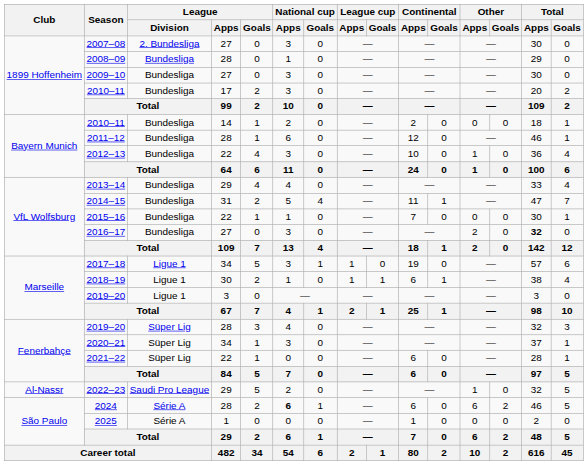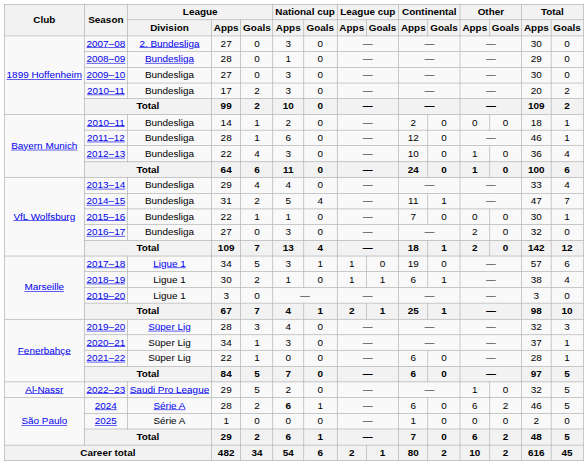 <table class="wikitable" style="text-align:center">
 <tr>
 <th rowspan="2">Club</th>
 <th rowspan="2">Season</th>
 <th colspan="3">League</th>
 <th colspan="2">National cup</th>
 <th colspan="2">League cup</th>
 <th colspan="2">Continental</th>
 <th colspan="2">Other</th>
 <th colspan="2">Total</th>
 </tr>
 <tr>
 <th>Division</th>
 <th>Apps</th>
 <th>Goals</th>
 <th>Apps</th>
 <th>Goals</th>
 <th>Apps</th>
 <th>Goals</th>
 <th>Apps</th>
 <th>Goals</th>
 <th>Apps</th>
 <th>Goals</th>
 <th>Apps</th>
 <th>Goals</th>
 </tr>
 <tr>
 <td rowspan="5"><a href='#'>1899 Hoffenheim</a></td>
 <td><a href='#'>2007–08</a></td>
 <td><a href='#'>2. Bundesliga</a></td>
 <td>27</td>
 <td>0</td>
 <td>3</td>
 <td>0</td>
 <td colspan="2">—</td>
 <td colspan="2">—</td>
 <td colspan="2">—</td>
 <td>30</td>
 <td>0</td>
 </tr>
 <tr>
 <td><a href='#'>2008–09</a></td>
 <td><a href='#'>Bundesliga</a></td>
 <td>28</td>
 <td>0</td>
 <td>1</td>
 <td>0</td>
 <td colspan="2">—</td>
 <td colspan="2">—</td>
 <td colspan="2">—</td>
 <td>29</td>
 <td>0</td>
 </tr>
 <tr>
 <td><a href='#'>2009–10</a></td>
 <td>Bundesliga</td>
 <td>27</td>
 <td>0</td>
 <td>3</td>
 <td>0</td>
 <td colspan="2">—</td>
 <td colspan="2">—</td>
 <td colspan="2">—</td>
 <td>30</td>
 <td>0</td>
 </tr>
 <tr>
 <td><a href='#'>2010–11</a></td>
 <td>Bundesliga</td>
 <td>17</td>
 <td>2</td>
 <td>3</td>
 <td>0</td>
 <td colspan="2">—</td>
 <td colspan="2">—</td>
 <td colspan="2">—</td>
 <td>20</td>
 <td>2</td>
 </tr>
 <tr>
 <th colspan="2">Total</th>
 <th>99</th>
 <th>2</th>
 <th>10</th>
 <th>0</th>
 <th colspan="2">—</th>
 <th colspan="2">—</th>
 <th colspan="2">—</th>
 <th>109</th>
 <th>2</th>
 </tr>
 <tr>
 <td rowspan="4"><a href='#'>Bayern Munich</a></td>
 <td><a href='#'>2010–11</a></td>
 <td>Bundesliga</td>
 <td>14</td>
 <td>1</td>
 <td>2</td>
 <td>0</td>
 <td colspan="2">—</td>
 <td>2</td>
 <td>0</td>
 <td>0</td>
 <td>0</td>
 <td>18</td>
 <td>1</td>
 </tr>
 <tr>
 <td><a href='#'>2011–12</a></td>
 <td>Bundesliga</td>
 <td>28</td>
 <td>1</td>
 <td>6</td>
 <td>0</td>
 <td colspan="2">—</td>
 <td>12</td>
 <td>0</td>
 <td colspan="2">—</td>
 <td>46</td>
 <td>1</td>
 </tr>
 <tr>
 <td><a href='#'>2012–13</a></td>
 <td>Bundesliga</td>
 <td>22</td>
 <td>4</td>
 <td>3</td>
 <td>0</td>
 <td colspan="2">—</td>
 <td>10</td>
 <td>0</td>
 <td>1</td>
 <td>0</td>
 <td>36</td>
 <td>4</td>
 </tr>
 <tr>
 <th colspan="2">Total</th>
 <th>64</th>
 <th>6</th>
 <th>11</th>
 <th>0</th>
 <th colspan="2">—</th>
 <th>24</th>
 <th>0</th>
 <th>1</th>
 <th>0</th>
 <th>100</th>
 <th>6</th>
 </tr>
 <tr>
 <td rowspan="5"><a href='#'>VfL Wolfsburg</a></td>
 <td><a href='#'>2013–14</a></td>
 <td>Bundesliga</td>
 <td>29</td>
 <td>4</td>
 <td>4</td>
 <td>0</td>
 <td colspan="2">—</td>
 <td colspan="2">—</td>
 <td colspan="2">—</td>
 <td>33</td>
 <td>4</td>
 </tr>
 <tr>
 <td><a href='#'>2014–15</a></td>
 <td>Bundesliga</td>
 <td>31</td>
 <td>2</td>
 <td>5</td>
 <td>4</td>
 <td colspan="2">—</td>
 <td>11</td>
 <td>1</td>
 <td colspan="2">—</td>
 <td>47</td>
 <td>7</td>
 </tr>
 <tr>
 <td><a href='#'>2015–16</a></td>
 <td>Bundesliga</td>
 <td>22</td>
 <td>1</td>
 <td>1</td>
 <td>0</td>
 <td colspan="2">—</td>
 <td>7</td>
 <td>0</td>
 <td>0</td>
 <td>0</td>
 <td>30</td>
 <td>1</td>
 </tr>
 <tr>
 <td><a href='#'>2016–17</a></td>
 <td>Bundesliga</td>
 <td>27</td>
 <td>0</td>
 <td>3</td>
 <td>0</td>
 <td colspan="2">—</td>
 <td colspan="2">—</td>
 <td>2</td>
 <td>0</td>
-<td><strong>32</strong></td>
+<td>32</td>
 <td>0</td>
 </tr>
 <tr>
 <th colspan="2">Total</th>
 <th>109</th>
 <th>7</th>
 <th>13</th>
 <th>4</th>
 <th colspan="2">—</th>
 <th>18</th>
 <th>1</th>
 <th>2</th>
 <th>0</th>
 <th>142</th>
 <th>12</th>
 </tr>
 <tr>
 <td rowspan="4"><a href='#'>Marseille</a></td>
 <td><a href='#'>2017–18</a></td>
 <td><a href='#'>Ligue 1</a></td>
 <td>34</td>
 <td>5</td>
 <td>3</td>
 <td>1</td>
 <td>1</td>
 <td>0</td>
 <td>19</td>
 <td>0</td>
 <td colspan="2">—</td>
 <td>57</td>
 <td>6</td>
 </tr>
 <tr>
 <td><a href='#'>2018–19</a></td>
 <td>Ligue 1</td>
 <td>30</td>
 <td>2</td>
 <td>1</td>
 <td>0</td>
 <td>1</td>
 <td>1</td>
 <td>6</td>
 <td>1</td>
 <td colspan="2">—</td>
 <td>38</td>
 <td>4</td>
 </tr>
 <tr>
 <td><a href='#'>2019–20</a></td>
 <td>Ligue 1</td>
 <td>3</td>
 <td>0</td>
 <td colspan="2">—</td>
 <td colspan="2">—</td>
 <td colspan="2">—</td>
 <td colspan="2">—</td>
 <td>3</td>
 <td>0</td>
 </tr>
 <tr>
 <th colspan="2">Total</th>
 <th>67</th>
 <th>7</th>
 <th>4</th>
 <th>1</th>
 <th>2</th>
 <th>1</th>
 <th>25</th>
 <th>1</th>
 <th colspan="2">—</th>
 <th>98</th>
 <th>10</th>
 </tr>
 <tr>
 <td rowspan="4"><a href='#'>Fenerbahçe</a></td>
 <td><a href='#'>2019–20</a></td>
 <td><a href='#'>Süper Lig</a></td>
 <td>28</td>
 <td>3</td>
 <td>4</td>
 <td>0</td>
 <td colspan="2">—</td>
 <td colspan="2">—</td>
 <td colspan="2">—</td>
 <td>32</td>
 <td>3</td>
 </tr>
 <tr>
 <td><a href='#'>2020–21</a></td>
 <td>Süper Lig</td>
 <td>34</td>
 <td>1</td>
 <td>3</td>
 <td>0</td>
 <td colspan="2">—</td>
 <td colspan="2">—</td>
 <td colspan="2">—</td>
 <td>37</td>
 <td>1</td>
 </tr>
 <tr>
 <td><a href='#'>2021–22</a></td>
 <td>Süper Lig</td>
 <td>22</td>
 <td>1</td>
 <td>0</td>
 <td>0</td>
 <td colspan="2">—</td>
 <td>6</td>
 <td>0</td>
 <td colspan="2">—</td>
 <td>28</td>
 <td>1</td>
 </tr>
 <tr>
 <th colspan="2">Total</th>
 <th>84</th>
 <th>5</th>
 <th>7</th>
 <th>0</th>
 <th colspan="2">—</th>
 <th>6</th>
 <th>0</th>
 <th colspan="2">—</th>
 <th>97</th>
 <th>5</th>
 </tr>
 <tr>
 <td><a href='#'>Al-Nassr</a></td>
 <td><a href='#'>2022–23</a></td>
 <td><a href='#'>Saudi Pro League</a></td>
 <td>29</td>
 <td>5</td>
 <td>2</td>
 <td>0</td>
 <td colspan="2">—</td>
 <td colspan="2">—</td>
 <td>1</td>
 <td>0</td>
 <td>32</td>
 <td>5</td>
 </tr>
 <tr>
 <td rowspan="3"><a href='#'>São Paulo</a></td>
 <td><a href='#'>2024</a></td>
 <td><a href='#'>Série A</a></td>
 <td>28</td>
 <td>2</td>
 <td><strong>6</strong></td>
 <td>1</td>
 <td colspan="2">—</td>
 <td>6</td>
 <td>0</td>
 <td>6</td>
 <td>2</td>
 <td>46</td>
 <td>5</td>
 </tr>
 <tr>
 <td><a href='#'>2025</a></td>
 <td>Série A</td>
 <td>1</td>
 <td>0</td>
 <td>0</td>
 <td>0</td>
 <td colspan="2">—</td>
 <td>1</td>
 <td>0</td>
 <td>0</td>
 <td>0</td>
 <td>2</td>
 <td>0</td>
 </tr>
 <tr>
 <th colspan="2">Total</th>
 <th>29</th>
 <th>2</th>
 <th>6</th>
 <th>1</th>
 <th colspan="2">—</th>
 <th>7</th>
 <th>0</th>
 <th>6</th>
 <th>2</th>
 <th>48</th>
 <th>5</th>
 </tr>
 <tr>
 <th colspan="3">Career total</th>
 <th>482</th>
 <th>34</th>
 <th>54</th>
 <th>6</th>
 <th>2</th>
 <th>1</th>
 <th>80</th>
 <th>2</th>
 <th>10</th>
 <th>2</th>
 <th>616</th>
 <th>45</th>
 </tr>
 </table>
